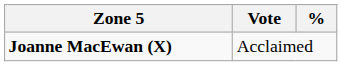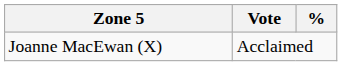 <table class="wikitable">
 <tr>
 <th width="200px">Zone 5</th>
 <th width="50px">Vote</th>
 <th width="30px">%</th>
 </tr>
 <tr>
-<td><strong>Joanne MacEwan (X)</strong></td>
+<td>Joanne MacEwan (X)</td>
 <td colspan="2">Acclaimed</td>
 </tr>
 </table>
